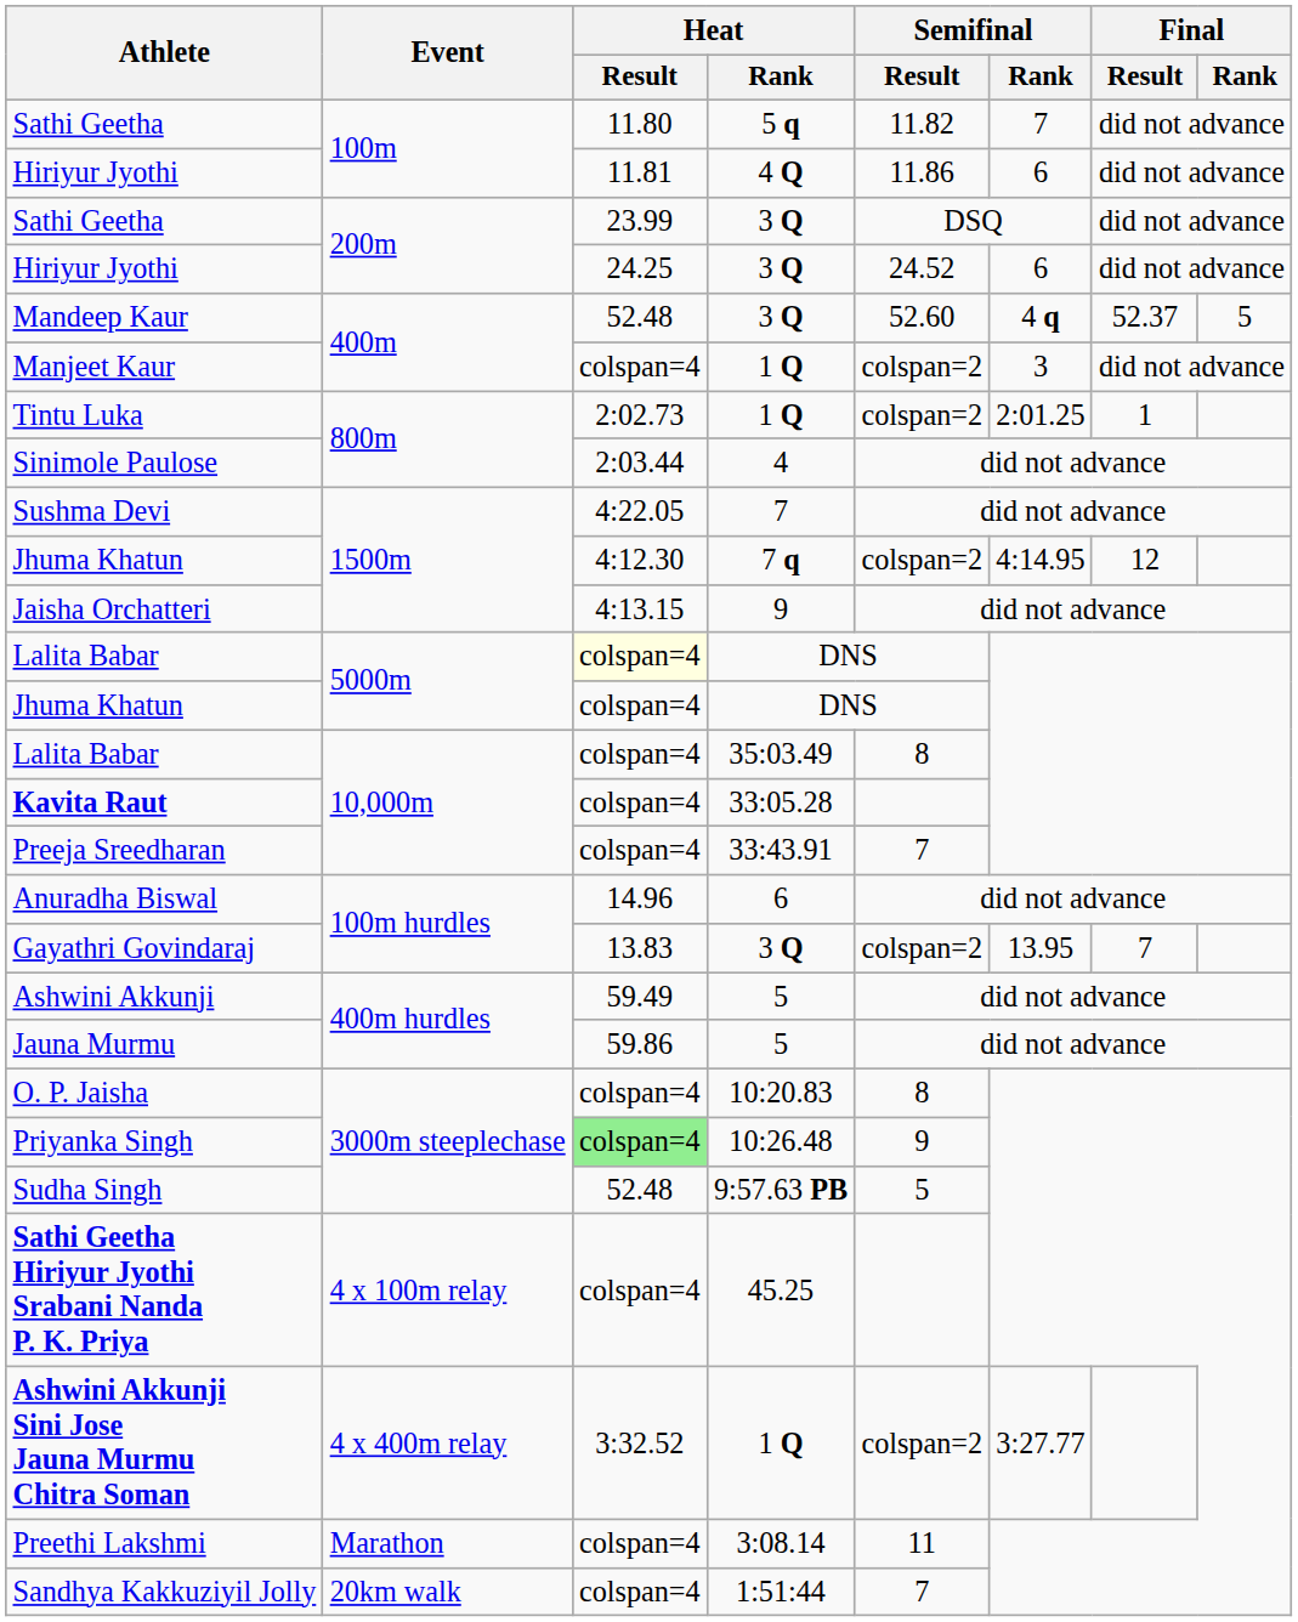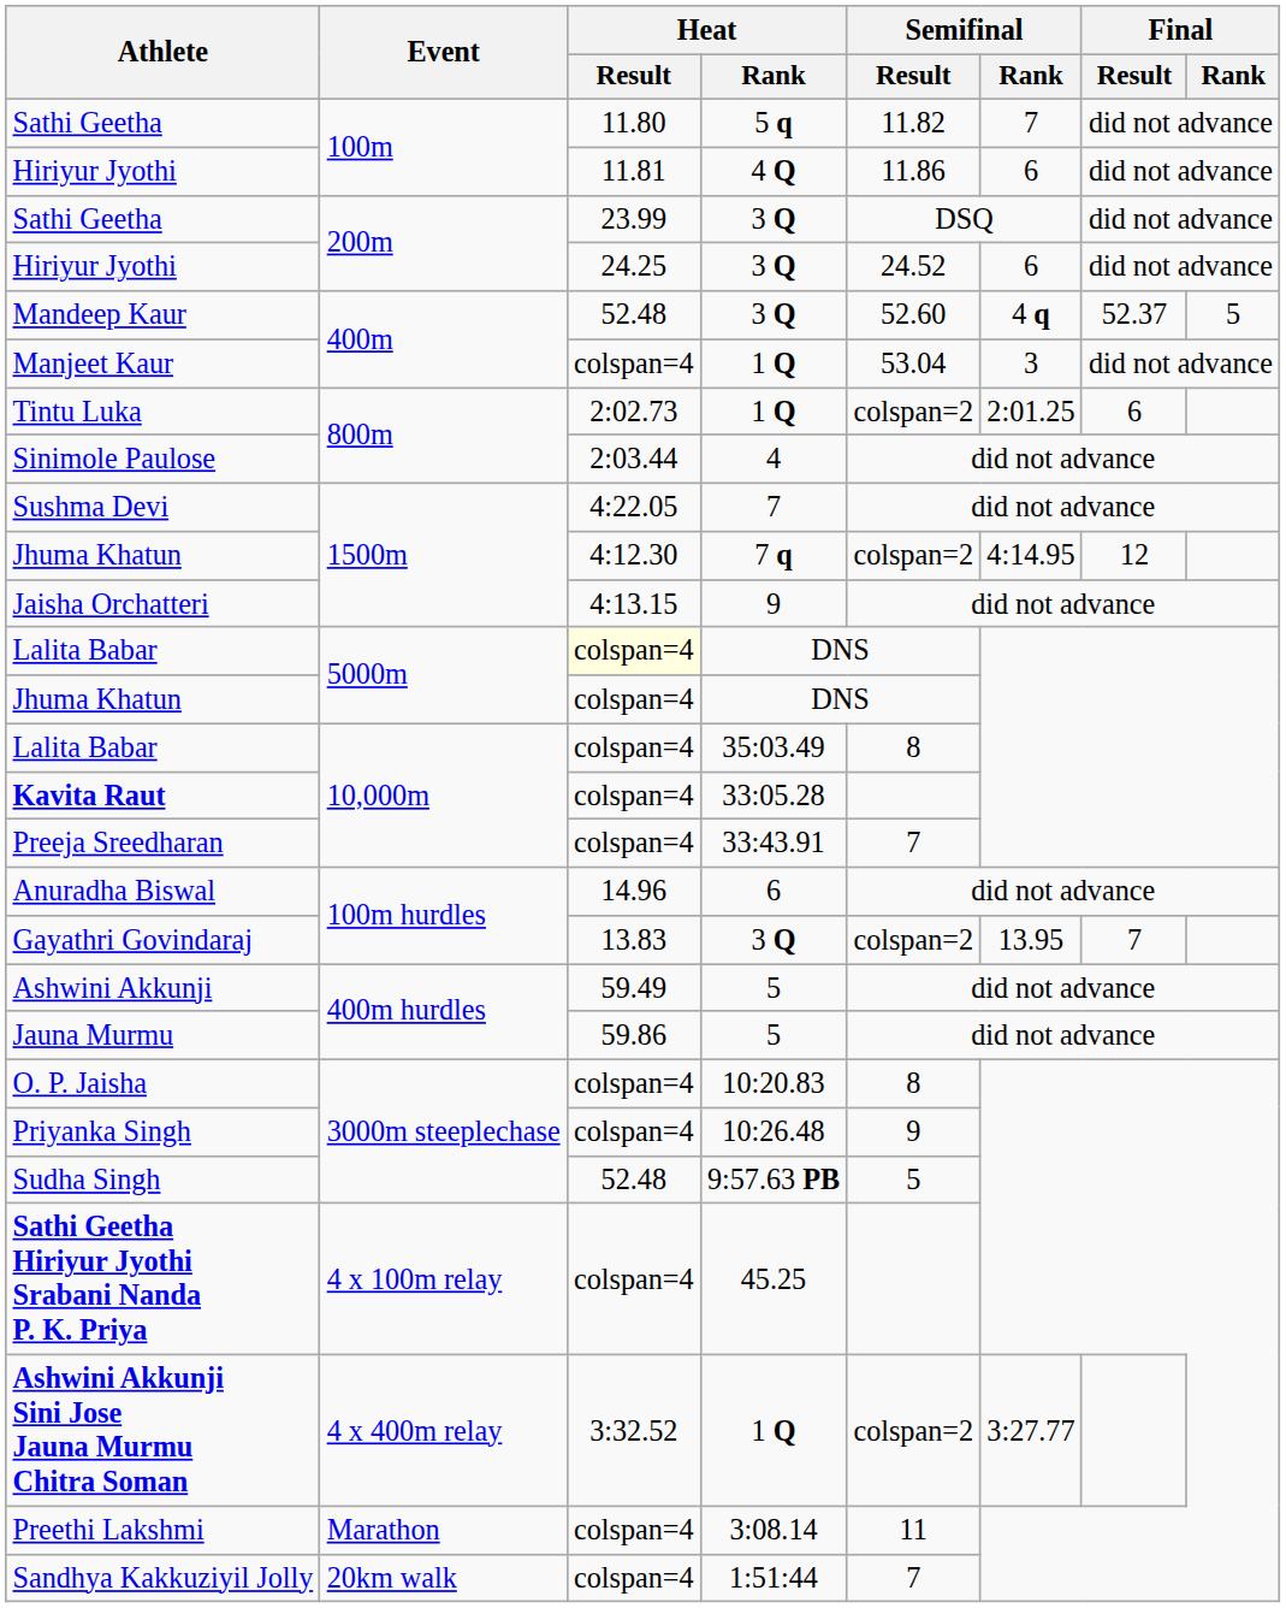 <table class=wikitable style="font-size:90%">
 <tr>
 <th rowspan="2">Athlete</th>
 <th rowspan="2">Event</th>
 <th colspan="2">Heat</th>
 <th colspan="2">Semifinal</th>
 <th colspan="2">Final</th>
 </tr>
 <tr style="font-size:95%">
 <th>Result</th>
 <th>Rank</th>
 <th>Result</th>
 <th>Rank</th>
 <th>Result</th>
 <th>Rank</th>
 </tr>
 <tr align=center>
 <td align=left><a href='#'>Sathi Geetha</a></td>
 <td align=left rowspan=2><a href='#'>100m</a></td>
 <td>11.80</td>
 <td>5 <strong>q</strong></td>
 <td>11.82</td>
 <td>7</td>
 <td colspan=2>did not advance</td>
 </tr>
 <tr align=center>
 <td align=left><a href='#'>Hiriyur Jyothi</a></td>
 <td>11.81</td>
 <td>4 <strong>Q</strong></td>
 <td>11.86</td>
 <td>6</td>
 <td colspan=2>did not advance</td>
 </tr>
 <tr align=center>
 <td align=left><a href='#'>Sathi Geetha</a></td>
 <td align=left rowspan=2><a href='#'>200m</a></td>
 <td>23.99</td>
 <td>3 <strong>Q</strong></td>
 <td colspan=2>DSQ</td>
 <td colspan=2>did not advance</td>
 </tr>
 <tr align=center>
 <td align=left><a href='#'>Hiriyur Jyothi</a></td>
 <td>24.25</td>
 <td>3 <strong>Q</strong></td>
 <td>24.52</td>
 <td>6</td>
 <td colspan=2>did not advance</td>
 </tr>
 <tr align=center>
 <td align=left><a href='#'>Mandeep Kaur</a></td>
 <td align=left rowspan=2><a href='#'>400m</a></td>
 <td>52.48</td>
 <td>3 <strong>Q</strong></td>
 <td>52.60</td>
 <td>4 <strong>q</strong></td>
 <td>52.37</td>
 <td>5</td>
 </tr>
 <tr align=center>
 <td align=left><a href='#'>Manjeet Kaur</a></td>
 <td>colspan=4 </td>
 <td>1 <strong>Q</strong></td>
-<td>colspan=2 </td>
+<td>53.04</td>
 <td>3</td>
 <td colspan=2>did not advance</td>
 </tr>
 <tr align=center>
 <td align=left><a href='#'>Tintu Luka</a></td>
 <td align=left rowspan=2><a href='#'>800m</a></td>
 <td>2:02.73</td>
 <td>1 <strong>Q</strong></td>
 <td>colspan=2 </td>
 <td>2:01.25</td>
-<td>1</td>
+<td>6</td>
 </tr>
 <tr align=center>
 <td align=left><a href='#'>Sinimole Paulose</a></td>
 <td>2:03.44</td>
 <td>4</td>
 <td colspan=4>did not advance</td>
 </tr>
 <tr align=center>
 <td align=left><a href='#'>Sushma Devi</a></td>
 <td align=left rowspan=3><a href='#'>1500m</a></td>
 <td>4:22.05</td>
 <td>7</td>
 <td colspan=4>did not advance</td>
 </tr>
 <tr align=center>
 <td align=left><a href='#'>Jhuma Khatun</a></td>
 <td>4:12.30</td>
 <td>7 <strong>q</strong></td>
 <td>colspan=2 </td>
 <td>4:14.95</td>
 <td>12</td>
 </tr>
 <tr align=center>
 <td align=left><a href='#'>Jaisha Orchatteri</a></td>
 <td>4:13.15</td>
 <td>9</td>
 <td colspan=4>did not advance</td>
 </tr>
 <tr align=center>
 <td align=left><a href='#'>Lalita Babar</a></td>
 <td align=left rowspan=2><a href='#'>5000m</a></td>
 <td style="background: lightyellow;">colspan=4 </td>
 <td colspan=2>DNS</td>
 </tr>
 <tr align=center>
 <td align=left><a href='#'>Jhuma Khatun</a></td>
 <td>colspan=4 </td>
 <td colspan=2>DNS</td>
 </tr>
 <tr align=center>
 <td align=left><a href='#'>Lalita Babar</a></td>
 <td align=left rowspan=3><a href='#'>10,000m</a></td>
 <td>colspan=4 </td>
 <td>35:03.49</td>
 <td>8</td>
 </tr>
 <tr align=center>
 <td align=left><strong><a href='#'>Kavita Raut</a></strong></td>
 <td>colspan=4 </td>
 <td>33:05.28</td>
 <td></td>
 </tr>
 <tr align=center>
 <td align=left><a href='#'>Preeja Sreedharan</a></td>
 <td>colspan=4 </td>
 <td>33:43.91</td>
 <td>7</td>
 </tr>
 <tr align=center>
 <td align=left><a href='#'>Anuradha Biswal</a></td>
 <td align=left rowspan=2><a href='#'>100m hurdles</a></td>
 <td>14.96</td>
 <td>6</td>
 <td colspan=4>did not advance</td>
 </tr>
 <tr align=center>
 <td align=left><a href='#'>Gayathri Govindaraj</a></td>
 <td>13.83</td>
 <td>3 <strong>Q</strong></td>
 <td>colspan=2 </td>
 <td>13.95</td>
 <td>7</td>
 </tr>
 <tr align=center>
 <td align=left><a href='#'>Ashwini Akkunji</a></td>
 <td align=left rowspan=2><a href='#'>400m hurdles</a></td>
 <td>59.49</td>
 <td>5</td>
 <td colspan=4>did not advance</td>
 </tr>
 <tr align=center>
 <td align=left><a href='#'>Jauna Murmu</a></td>
 <td>59.86</td>
 <td>5</td>
 <td colspan=4>did not advance</td>
 </tr>
 <tr align=center>
 <td align=left><a href='#'>O. P. Jaisha</a></td>
 <td align=left rowspan=3><a href='#'>3000m steeplechase</a></td>
 <td>colspan=4 </td>
 <td>10:20.83</td>
 <td>8</td>
 </tr>
 <tr align=center>
 <td align=left><a href='#'>Priyanka Singh</a></td>
-<td style="background: lightgreen;">colspan=4 </td>
+<td>colspan=4 </td>
 <td>10:26.48</td>
 <td>9</td>
 </tr>
 <tr align=center>
 <td align=left><a href='#'>Sudha Singh</a></td>
 <td>52.48</td>
 <td>9:57.63 <strong>PB</strong></td>
 <td>5</td>
 </tr>
 <tr align=center>
 <td align=left><strong><a href='#'>Sathi Geetha</a><br><a href='#'>Hiriyur Jyothi</a><br><a href='#'>Srabani Nanda</a><br><a href='#'>P. K. Priya</a></strong></td>
 <td align=left><a href='#'>4 x 100m relay</a></td>
 <td>colspan=4 </td>
 <td>45.25</td>
 <td></td>
 </tr>
 <tr align=center>
 <td align=left><strong><a href='#'>Ashwini Akkunji</a><br><a href='#'>Sini Jose</a><br><a href='#'>Jauna Murmu</a><br><a href='#'>Chitra Soman</a></strong></td>
 <td align=left><a href='#'>4 x 400m relay</a></td>
 <td>3:32.52</td>
 <td>1 <strong>Q</strong></td>
 <td>colspan=2 </td>
 <td>3:27.77</td>
 <td></td>
 </tr>
 <tr align=center>
 <td align=left><a href='#'>Preethi Lakshmi</a></td>
 <td align=left><a href='#'>Marathon</a></td>
 <td>colspan=4 </td>
 <td>3:08.14</td>
 <td>11</td>
 </tr>
 <tr align=center>
 <td align=left><a href='#'>Sandhya Kakkuziyil Jolly</a></td>
 <td align=left><a href='#'>20km walk</a></td>
 <td>colspan=4 </td>
 <td>1:51:44</td>
 <td>7</td>
 </tr>
 </table>
